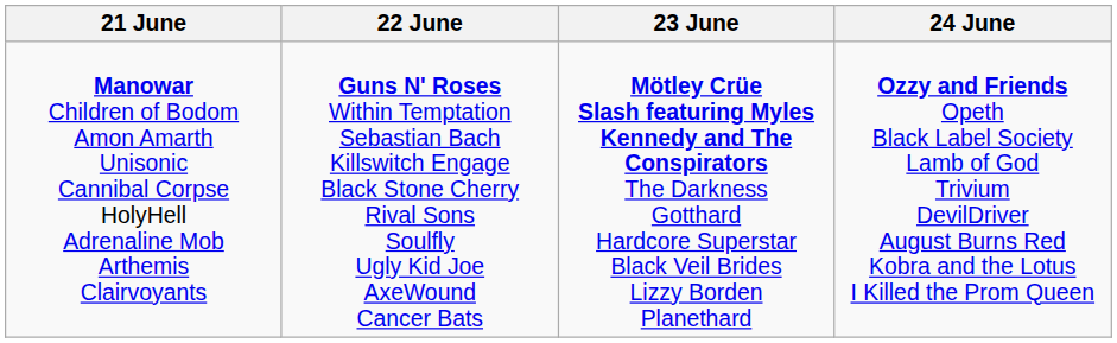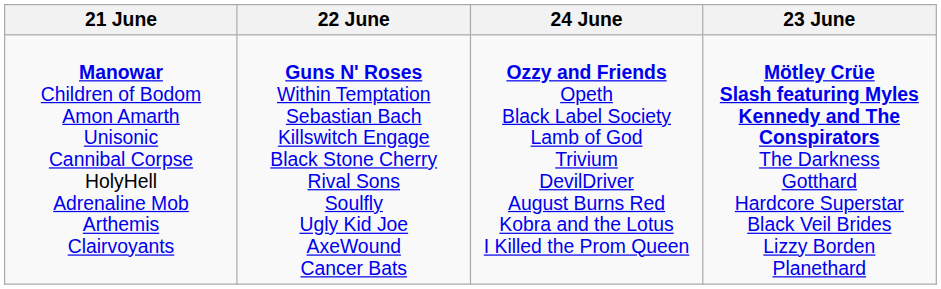 <table class="wikitable">
 <tr>
 <th>21 June</th>
 <th>22 June</th>
+<th>24 June</th>
 <th>23 June</th>
-<th>24 June</th>
 </tr>
 <tr>
 <td valign="top" align="center" width=185><br><strong><a href='#'>Manowar</a></strong> <br><a href='#'>Children of Bodom</a> <br><a href='#'>Amon Amarth</a> <br><a href='#'>Unisonic</a> <br><a href='#'>Cannibal Corpse</a> <br>HolyHell <br><a href='#'>Adrenaline Mob</a> <br><a href='#'>Arthemis</a> <br><a href='#'>Clairvoyants</a></td>
 <td valign="top" align="center" width=185><br><strong><a href='#'>Guns N' Roses</a></strong> <br><a href='#'>Within Temptation</a> <br><a href='#'>Sebastian Bach</a> <br><a href='#'>Killswitch Engage</a> <br><a href='#'>Black Stone Cherry</a> <br><a href='#'>Rival Sons</a> <br><a href='#'>Soulfly</a> <br><a href='#'>Ugly Kid Joe</a> <br><a href='#'>AxeWound</a> <br><a href='#'>Cancer Bats</a></td>
+<td valign="top" align="center" width=185><br><strong><a href='#'>Ozzy and Friends</a></strong> <br><a href='#'>Opeth</a> <br><a href='#'>Black Label Society</a> <br><a href='#'>Lamb of God</a> <br><a href='#'>Trivium</a> <br><a href='#'>DevilDriver</a> <br><a href='#'>August Burns Red</a> <br><a href='#'>Kobra and the Lotus</a> <br><a href='#'>I Killed the Prom Queen</a></td>
 <td valign="top" align="center" width=185><br><strong><a href='#'>Mötley Crüe</a></strong> <br><strong><a href='#'>Slash featuring Myles Kennedy and The Conspirators</a></strong> <br><a href='#'>The Darkness</a> <br><a href='#'>Gotthard</a> <br><a href='#'>Hardcore Superstar</a> <br><a href='#'>Black Veil Brides</a> <br><a href='#'>Lizzy Borden</a> <br><a href='#'>Planethard</a></td>
-<td valign="top" align="center" width=185><br><strong><a href='#'>Ozzy and Friends</a></strong> <br><a href='#'>Opeth</a> <br><a href='#'>Black Label Society</a> <br><a href='#'>Lamb of God</a> <br><a href='#'>Trivium</a> <br><a href='#'>DevilDriver</a> <br><a href='#'>August Burns Red</a> <br><a href='#'>Kobra and the Lotus</a> <br><a href='#'>I Killed the Prom Queen</a></td>
 </tr>
 </table>
